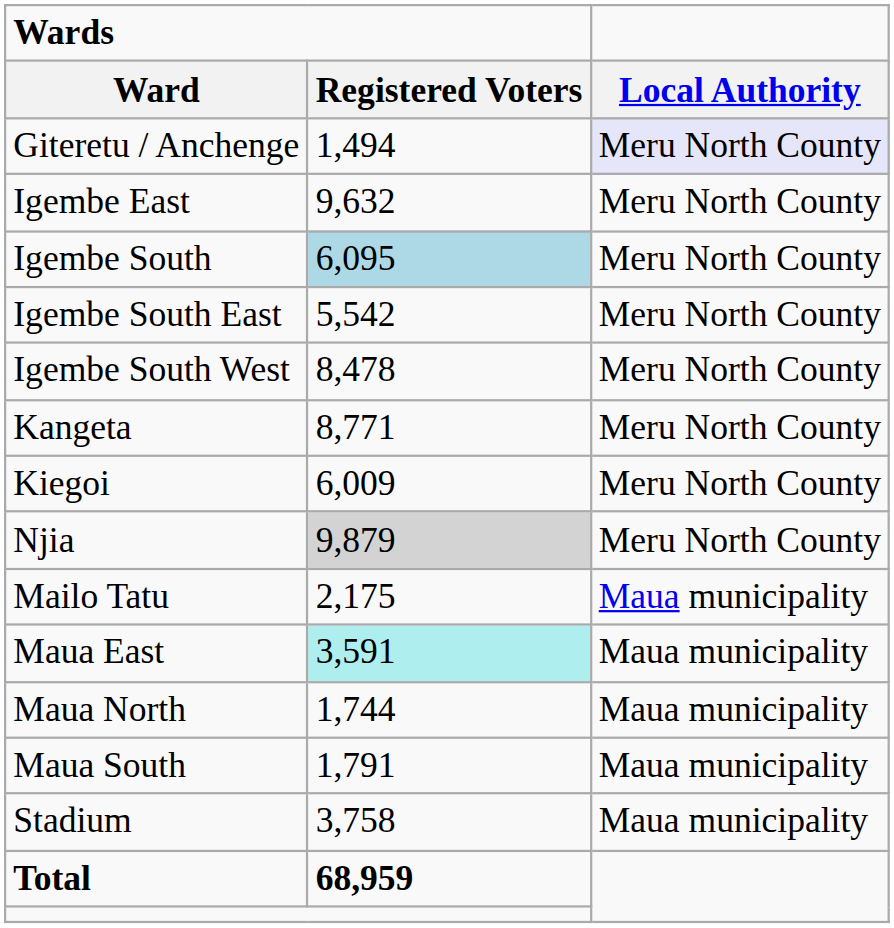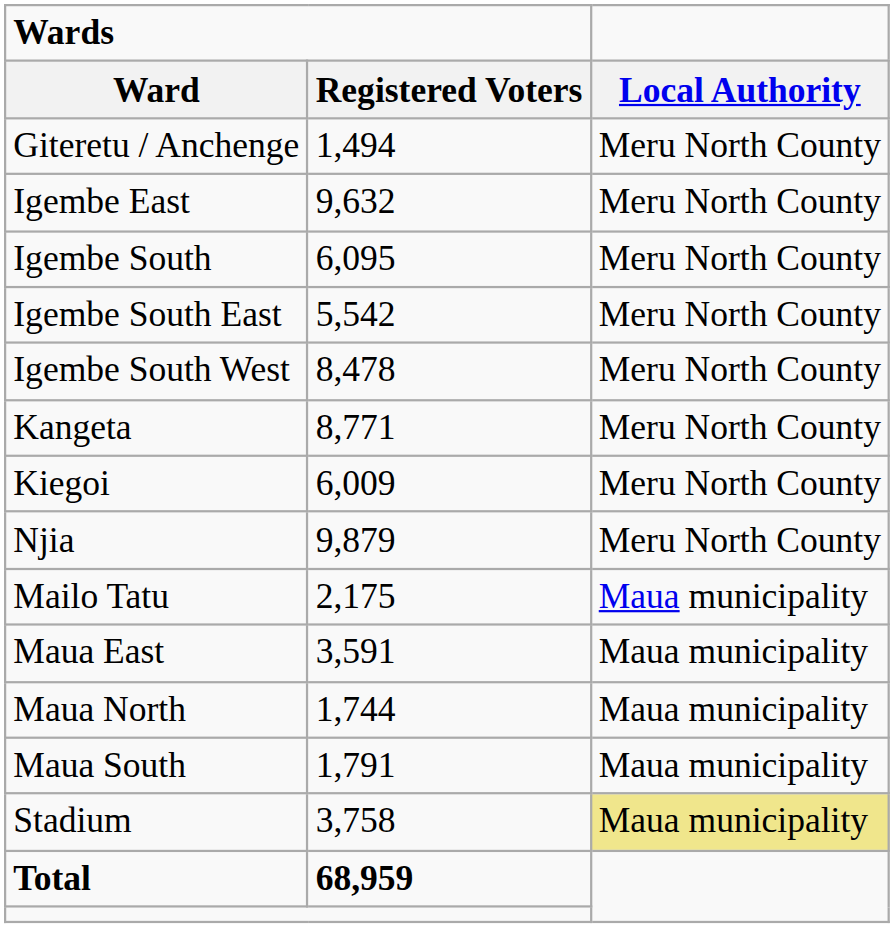 <table class="wikitable">
 <tr>
 <td colspan="2"><strong>Wards</strong></td>
 </tr>
 <tr>
 <th>Ward</th>
 <th>Registered Voters</th>
 <th><a href='#'>Local Authority</a></th>
 </tr>
 <tr>
 <td>Giteretu / Anchenge</td>
 <td>1,494</td>
-<td style="background: lavender;">Meru North County</td>
+<td>Meru North County</td>
 </tr>
 <tr>
 <td>Igembe East</td>
 <td>9,632</td>
 <td>Meru North County</td>
 </tr>
 <tr>
 <td>Igembe South</td>
-<td style="background: lightblue;">6,095</td>
+<td>6,095</td>
 <td>Meru North County</td>
 </tr>
 <tr>
 <td>Igembe South East</td>
 <td>5,542</td>
 <td>Meru North County</td>
 </tr>
 <tr>
 <td>Igembe South West</td>
 <td>8,478</td>
 <td>Meru North County</td>
 </tr>
 <tr>
 <td>Kangeta</td>
 <td>8,771</td>
 <td>Meru North County</td>
 </tr>
 <tr>
 <td>Kiegoi</td>
 <td>6,009</td>
 <td>Meru North County</td>
 </tr>
 <tr>
 <td>Njia</td>
-<td style="background: lightgrey;">9,879</td>
+<td>9,879</td>
 <td>Meru North County</td>
 </tr>
 <tr>
 <td>Mailo Tatu</td>
 <td>2,175</td>
 <td><a href='#'>Maua</a> municipality</td>
 </tr>
 <tr>
 <td>Maua East</td>
-<td style="background: paleturquoise;">3,591</td>
+<td>3,591</td>
 <td>Maua municipality</td>
 </tr>
 <tr>
 <td>Maua North</td>
 <td>1,744</td>
 <td>Maua municipality</td>
 </tr>
 <tr>
 <td>Maua South</td>
 <td>1,791</td>
 <td>Maua municipality</td>
 </tr>
 <tr>
 <td>Stadium</td>
 <td>3,758</td>
-<td>Maua municipality</td>
+<td style="background: khaki;">Maua municipality</td>
 </tr>
 <tr>
 <td><strong>Total</strong></td>
 <td><strong>68,959</strong></td>
 </tr>
 <tr>
 <td colspan="2"></td>
 </tr>
 </table>
